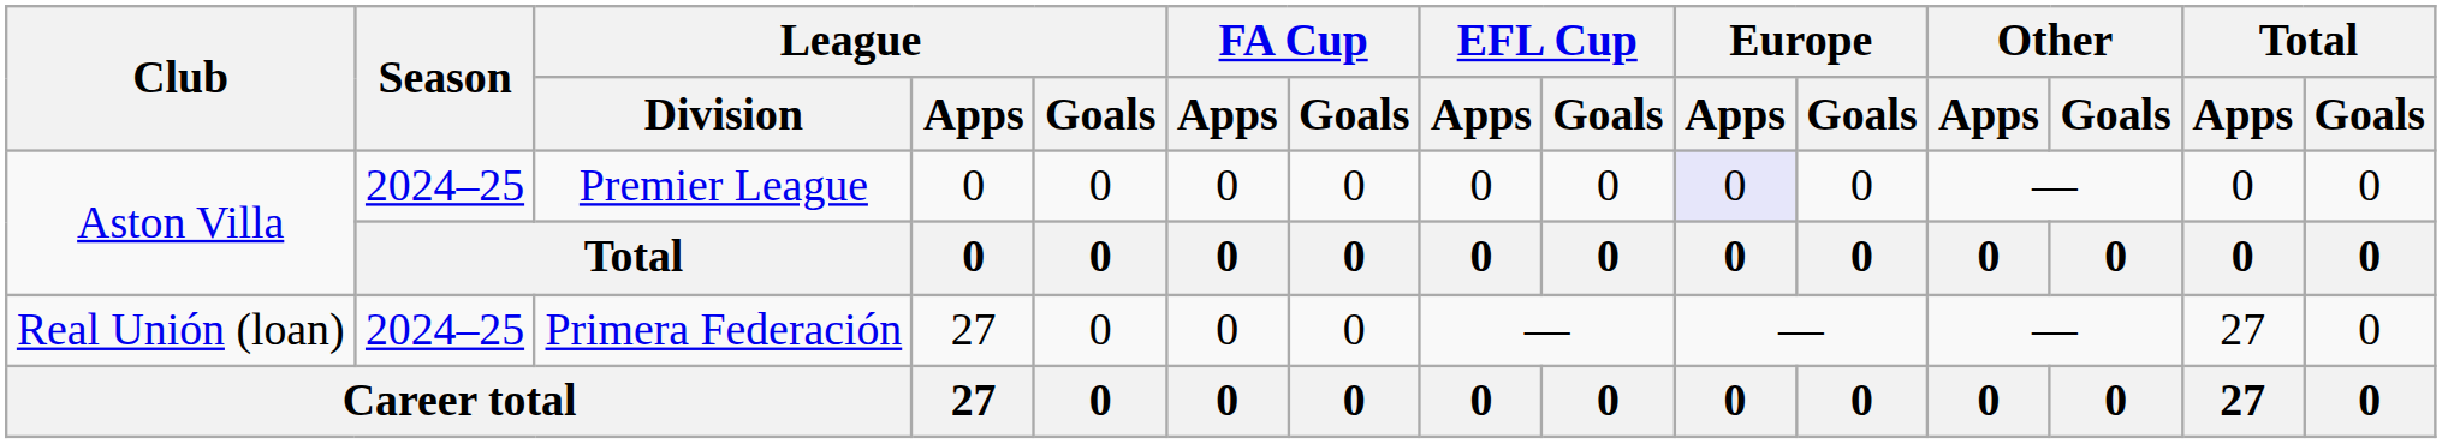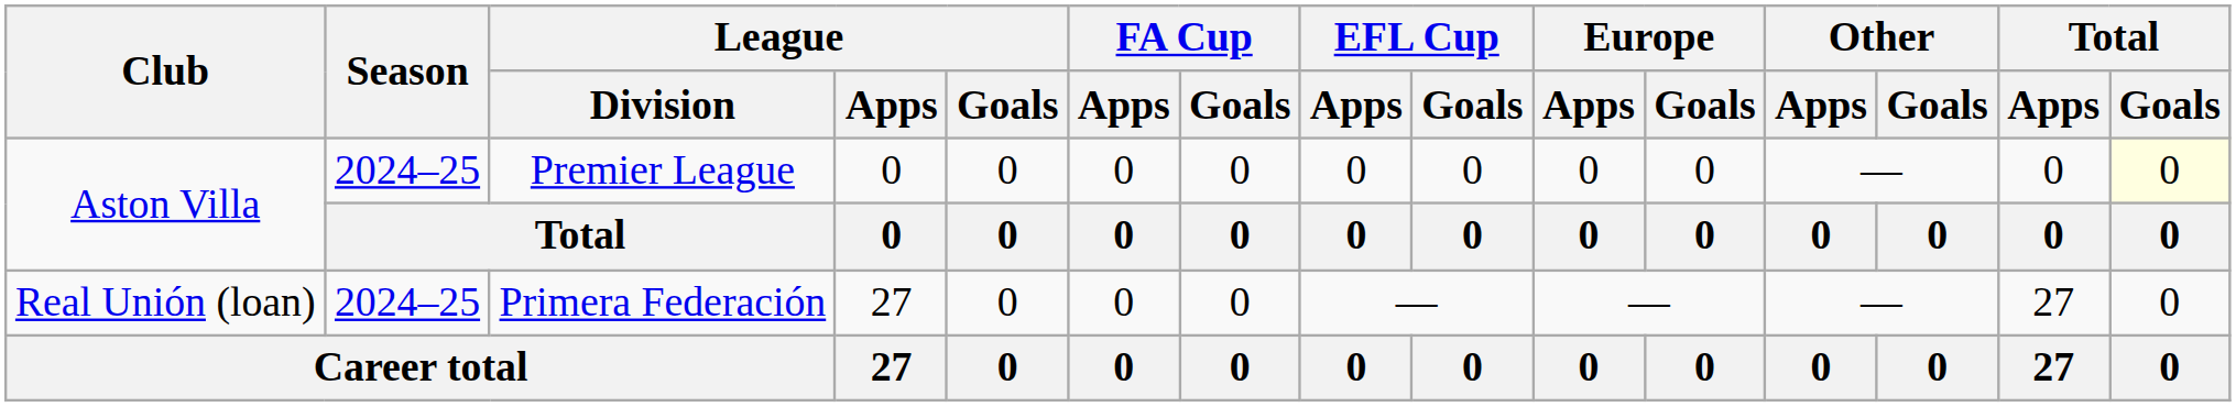 <table class="wikitable" style="text-align:center">
 <tr>
 <th rowspan="2">Club</th>
 <th rowspan="2">Season</th>
 <th colspan="3">League</th>
 <th colspan="2"><a href='#'>FA Cup</a></th>
 <th colspan="2"><a href='#'>EFL Cup</a></th>
 <th colspan="2">Europe</th>
 <th colspan="2">Other</th>
 <th colspan="2">Total</th>
 </tr>
 <tr>
 <th>Division</th>
 <th>Apps</th>
 <th>Goals</th>
 <th>Apps</th>
 <th>Goals</th>
 <th>Apps</th>
 <th>Goals</th>
 <th>Apps</th>
 <th>Goals</th>
 <th>Apps</th>
 <th>Goals</th>
 <th>Apps</th>
 <th>Goals</th>
 </tr>
 <tr>
 <td rowspan="2"><a href='#'>Aston Villa</a></td>
 <td><a href='#'>2024–25</a></td>
 <td><a href='#'>Premier League</a></td>
 <td>0</td>
 <td>0</td>
 <td>0</td>
 <td>0</td>
 <td>0</td>
 <td>0</td>
-<td style="background: lavender;">0</td>
+<td>0</td>
 <td>0</td>
 <td colspan="2">—</td>
 <td>0</td>
-<td>0</td>
+<td style="background: lightyellow;">0</td>
 </tr>
 <tr>
 <th colspan="2">Total</th>
 <th>0</th>
 <th>0</th>
 <th>0</th>
 <th>0</th>
 <th>0</th>
 <th>0</th>
 <th>0</th>
 <th>0</th>
 <th>0</th>
 <th>0</th>
 <th>0</th>
 <th>0</th>
 </tr>
 <tr>
 <td><a href='#'>Real Unión</a> (loan)</td>
 <td><a href='#'>2024–25</a></td>
 <td><a href='#'>Primera Federación</a></td>
 <td>27</td>
 <td>0</td>
 <td>0</td>
 <td>0</td>
 <td colspan="2">—</td>
 <td colspan="2">—</td>
 <td colspan="2">—</td>
 <td>27</td>
 <td>0</td>
 </tr>
 <tr>
 <th colspan="3">Career total</th>
 <th>27</th>
 <th>0</th>
 <th>0</th>
 <th>0</th>
 <th>0</th>
 <th>0</th>
 <th>0</th>
 <th>0</th>
 <th>0</th>
 <th>0</th>
 <th>27</th>
 <th>0</th>
 </tr>
 </table>
